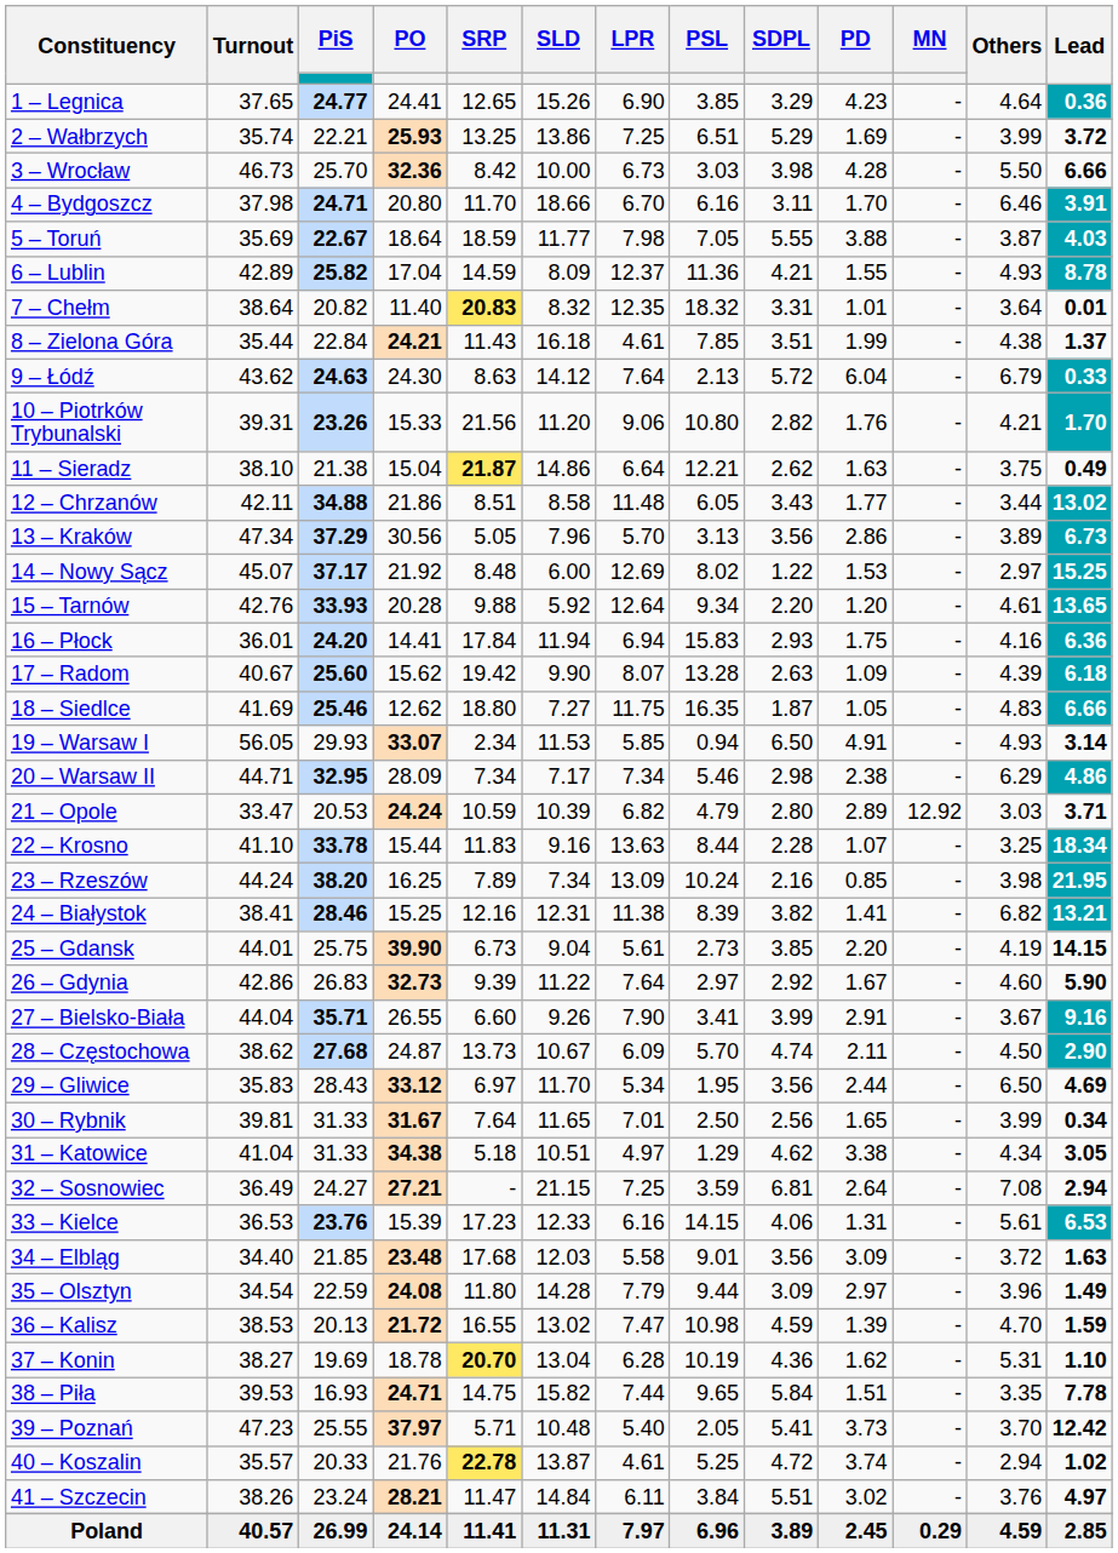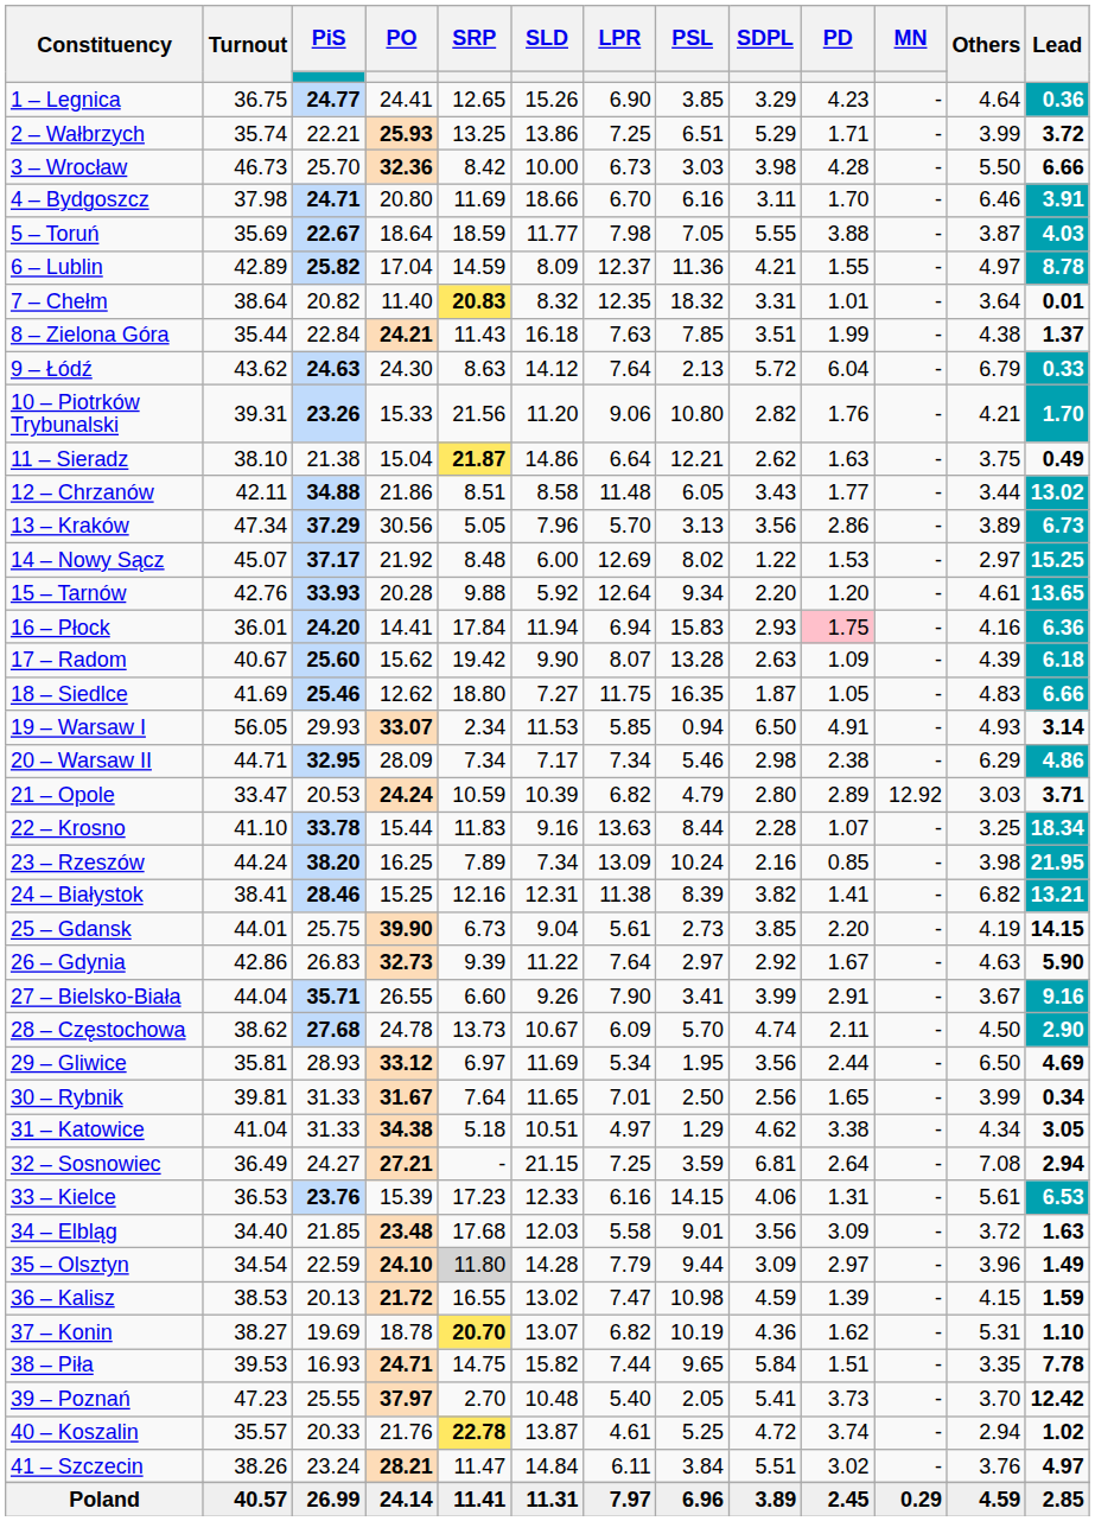 <table class="wikitable sortable collapsible" style="font-size:85%; text-align:right">
 <tr style="height:42px; text-align:center; background-color:#E9E9E9;">
 <th rowspan="2" style="width:120px;">Constituency</th>
 <th rowspan="2" data-sort-type="number" style="width:30px;">Turnout</th>
 <th style="width:40px;" class="unsortable"><a href='#'><span>PiS</span></a></th>
 <th style="width:40px;" class="unsortable"><a href='#'><span>PO</span></a></th>
 <th style="width:40px;" class="unsortable"><a href='#'><span>SRP</span></a></th>
 <th style="width:40px;" class="unsortable"><a href='#'><span>SLD</span></a></th>
 <th style="width:40px;" class="unsortable"><a href='#'><span>LPR</span></a></th>
 <th style="width:40px;" class="unsortable"><a href='#'><span>PSL</span></a></th>
 <th style="width:40px;" class="unsortable"><a href='#'><span>SDPL</span></a></th>
 <th style="width:40px;" class="unsortable"><a href='#'><span>PD</span></a></th>
 <th style="width:40px;" class="unsortable"><a href='#'><span>MN</span></a></th>
 <th rowspan="2" data-sort-type="number" style="width:40px;">Others</th>
 <th rowspan="2" data-sort-type="number" style="width:30px;">Lead</th>
 </tr>
 <tr>
 <th data-sort-type="number" style="height:1px; background:#00a1b0;"></th>
 <th data-sort-type="number" style="height:1px; background:"></th>
 <th data-sort-type="number" style="height:1px; background:"></th>
 <th data-sort-type="number" style="height:1px; background:"></th>
 <th data-sort-type="number" style="height:1px; background:"></th>
 <th data-sort-type="number" style="height:1px; background:"></th>
 <th data-sort-type="number" style="height:1px; background:"></th>
 <th data-sort-type="number" style="height:1px; background:"></th>
 <th data-sort-type="number" style="height:1px; background:"></th>
 </tr>
 <tr>
 <td align=left><a href='#'>1 – Legnica</a></td>
-<td>37.65</td>
+<td>36.75</td>
 <td style="font-weight:bold; background:#C0DBFC">24.77</td>
 <td>24.41</td>
 <td>12.65</td>
 <td>15.26</td>
 <td>6.90</td>
 <td>3.85</td>
 <td>3.29</td>
 <td>4.23</td>
 <td>-</td>
 <td>4.64</td>
 <td style="background:#00a1b0; color:white;"><strong>0.36</strong></td>
 </tr>
 <tr>
 <td align=left><a href='#'>2 – Wałbrzych</a></td>
 <td>35.74</td>
 <td>22.21</td>
 <td style="font-weight:bold; background:#FDDCB8">25.93</td>
 <td>13.25</td>
 <td>13.86</td>
 <td>7.25</td>
 <td>6.51</td>
 <td>5.29</td>
-<td>1.69</td>
+<td>1.71</td>
 <td>-</td>
 <td>3.99</td>
 <td style="background:"><strong>3.72</strong></td>
 </tr>
 <tr>
 <td align=left><a href='#'>3 – Wrocław</a></td>
 <td>46.73</td>
 <td>25.70</td>
 <td style="font-weight:bold; background:#FDDCB8">32.36</td>
 <td>8.42</td>
 <td>10.00</td>
 <td>6.73</td>
 <td>3.03</td>
 <td>3.98</td>
 <td>4.28</td>
 <td>-</td>
 <td>5.50</td>
 <td style="background:"><strong>6.66</strong></td>
 </tr>
 <tr>
 <td align=left><a href='#'>4 – Bydgoszcz</a></td>
 <td>37.98</td>
 <td style="font-weight:bold; background:#C0DBFC">24.71</td>
 <td>20.80</td>
-<td>11.70</td>
+<td>11.69</td>
 <td>18.66</td>
 <td>6.70</td>
 <td>6.16</td>
 <td>3.11</td>
 <td>1.70</td>
 <td>-</td>
 <td>6.46</td>
 <td style="background:#00a1b0; color:white;"><strong>3.91</strong></td>
 </tr>
 <tr>
 <td align=left><a href='#'>5 – Toruń</a></td>
 <td>35.69</td>
 <td style="font-weight:bold; background:#C0DBFC">22.67</td>
 <td>18.64</td>
 <td>18.59</td>
 <td>11.77</td>
 <td>7.98</td>
 <td>7.05</td>
 <td>5.55</td>
 <td>3.88</td>
 <td>-</td>
 <td>3.87</td>
 <td style="background:#00a1b0; color:white;"><strong>4.03</strong></td>
 </tr>
 <tr>
 <td align=left><a href='#'>6 – Lublin</a></td>
 <td>42.89</td>
 <td style="font-weight:bold; background:#C0DBFC">25.82</td>
 <td>17.04</td>
 <td>14.59</td>
 <td>8.09</td>
 <td>12.37</td>
 <td>11.36</td>
 <td>4.21</td>
 <td>1.55</td>
 <td>-</td>
-<td>4.93</td>
+<td>4.97</td>
 <td style="background:#00a1b0; color:white;"><strong>8.78</strong></td>
 </tr>
 <tr>
 <td align=left><a href='#'>7 – Chełm</a></td>
 <td>38.64</td>
 <td>20.82</td>
 <td>11.40</td>
 <td style="font-weight:bold; background:#FFE862">20.83</td>
 <td>8.32</td>
 <td>12.35</td>
 <td>18.32</td>
 <td>3.31</td>
 <td>1.01</td>
 <td>-</td>
 <td>3.64</td>
 <td style="background:"><strong>0.01</strong></td>
 </tr>
 <tr>
 <td align=left><a href='#'>8 – Zielona Góra</a></td>
 <td>35.44</td>
 <td>22.84</td>
 <td style="font-weight:bold; background:#FDDCB8">24.21</td>
 <td>11.43</td>
 <td>16.18</td>
-<td>4.61</td>
+<td>7.63</td>
 <td>7.85</td>
 <td>3.51</td>
 <td>1.99</td>
 <td>-</td>
 <td>4.38</td>
 <td style="background:"><strong>1.37</strong></td>
 </tr>
 <tr>
 <td align=left><a href='#'>9 – Łódź</a></td>
 <td>43.62</td>
 <td style="font-weight:bold; background:#C0DBFC">24.63</td>
 <td>24.30</td>
 <td>8.63</td>
 <td>14.12</td>
 <td>7.64</td>
 <td>2.13</td>
 <td>5.72</td>
 <td>6.04</td>
 <td>-</td>
 <td>6.79</td>
 <td style="background:#00a1b0; color:white;"><strong>0.33</strong></td>
 </tr>
 <tr>
 <td align=left><a href='#'>10 – Piotrków Trybunalski</a></td>
 <td>39.31</td>
 <td style="font-weight:bold; background:#C0DBFC">23.26</td>
 <td>15.33</td>
 <td>21.56</td>
 <td>11.20</td>
 <td>9.06</td>
 <td>10.80</td>
 <td>2.82</td>
 <td>1.76</td>
 <td>-</td>
 <td>4.21</td>
 <td style="background:#00a1b0; color:white;"><strong>1.70</strong></td>
 </tr>
 <tr>
 <td align=left><a href='#'>11 – Sieradz</a></td>
 <td>38.10</td>
 <td>21.38</td>
 <td>15.04</td>
 <td style="background: #FFE862"><strong>21.87</strong></td>
 <td>14.86</td>
 <td>6.64</td>
 <td>12.21</td>
 <td>2.62</td>
 <td>1.63</td>
 <td>-</td>
 <td>3.75</td>
 <td style="background:"><strong>0.49</strong></td>
 </tr>
 <tr>
 <td align=left><a href='#'>12 – Chrzanów</a></td>
 <td>42.11</td>
 <td style="background: #C0DBFC"><strong>34.88</strong></td>
 <td>21.86</td>
 <td>8.51</td>
 <td>8.58</td>
 <td>11.48</td>
 <td>6.05</td>
 <td>3.43</td>
 <td>1.77</td>
 <td>-</td>
 <td>3.44</td>
 <td style="background:#00a1b0; color:white;"><strong>13.02</strong></td>
 </tr>
 <tr>
 <td align=left><a href='#'>13 – Kraków</a></td>
 <td>47.34</td>
 <td style="background: #C0DBFC"><strong>37.29</strong></td>
 <td>30.56</td>
 <td>5.05</td>
 <td>7.96</td>
 <td>5.70</td>
 <td>3.13</td>
 <td>3.56</td>
 <td>2.86</td>
 <td>-</td>
 <td>3.89</td>
 <td style="background:#00a1b0; color:white;"><strong>6.73</strong></td>
 </tr>
 <tr>
 <td align=left><a href='#'>14 – Nowy Sącz</a></td>
 <td>45.07</td>
 <td style="background: #C0DBFC"><strong>37.17</strong></td>
 <td>21.92</td>
 <td>8.48</td>
 <td>6.00</td>
 <td>12.69</td>
 <td>8.02</td>
 <td>1.22</td>
 <td>1.53</td>
 <td>-</td>
 <td>2.97</td>
 <td style="background:#00a1b0; color:white;"><strong>15.25</strong></td>
 </tr>
 <tr>
 <td align=left><a href='#'>15 – Tarnów</a></td>
 <td>42.76</td>
 <td style="background: #C0DBFC"><strong>33.93</strong></td>
 <td>20.28</td>
 <td>9.88</td>
 <td>5.92</td>
 <td>12.64</td>
 <td>9.34</td>
 <td>2.20</td>
 <td>1.20</td>
 <td>-</td>
 <td>4.61</td>
 <td style="background:#00a1b0; color:white;"><strong>13.65</strong></td>
 </tr>
 <tr>
 <td align=left><a href='#'>16 – Płock</a></td>
 <td>36.01</td>
 <td style="background: #C0DBFC"><strong>24.20</strong></td>
 <td>14.41</td>
 <td>17.84</td>
 <td>11.94</td>
 <td>6.94</td>
 <td>15.83</td>
 <td>2.93</td>
-<td>1.75</td>
+<td style="background: pink;">1.75</td>
 <td>-</td>
 <td>4.16</td>
 <td style="background:#00a1b0; color:white;"><strong>6.36</strong></td>
 </tr>
 <tr>
 <td align=left><a href='#'>17 – Radom</a></td>
 <td>40.67</td>
 <td style="background: #C0DBFC"><strong>25.60</strong></td>
 <td>15.62</td>
 <td>19.42</td>
 <td>9.90</td>
 <td>8.07</td>
 <td>13.28</td>
 <td>2.63</td>
 <td>1.09</td>
 <td>-</td>
 <td>4.39</td>
 <td style="background:#00a1b0; color:white;"><strong>6.18</strong></td>
 </tr>
 <tr>
 <td align=left><a href='#'>18 – Siedlce</a></td>
 <td>41.69</td>
 <td style="background: #C0DBFC"><strong>25.46</strong></td>
 <td>12.62</td>
 <td>18.80</td>
 <td>7.27</td>
 <td>11.75</td>
 <td>16.35</td>
 <td>1.87</td>
 <td>1.05</td>
 <td>-</td>
 <td>4.83</td>
 <td style="background:#00a1b0; color:white;"><strong>6.66</strong></td>
 </tr>
 <tr>
 <td align=left><a href='#'>19 – Warsaw I</a></td>
 <td>56.05</td>
 <td>29.93</td>
 <td style="background: #FDDCB8"><strong>33.07</strong></td>
 <td>2.34</td>
 <td>11.53</td>
 <td>5.85</td>
 <td>0.94</td>
 <td>6.50</td>
 <td>4.91</td>
 <td>-</td>
 <td>4.93</td>
 <td style="background:"><strong>3.14</strong></td>
 </tr>
 <tr>
 <td align=left><a href='#'>20 – Warsaw II</a></td>
 <td>44.71</td>
 <td style="background: #C0DBFC"><strong>32.95</strong></td>
 <td>28.09</td>
 <td>7.34</td>
 <td>7.17</td>
 <td>7.34</td>
 <td>5.46</td>
 <td>2.98</td>
 <td>2.38</td>
 <td>-</td>
 <td>6.29</td>
 <td style="background:#00a1b0; color:white;"><strong>4.86</strong></td>
 </tr>
 <tr>
 <td align=left><a href='#'>21 – Opole</a></td>
 <td>33.47</td>
 <td>20.53</td>
 <td style="font-weight:bold; background:#FDDCB8">24.24</td>
 <td>10.59</td>
 <td>10.39</td>
 <td>6.82</td>
 <td>4.79</td>
 <td>2.80</td>
 <td>2.89</td>
 <td>12.92</td>
 <td>3.03</td>
 <td style="background:"><strong>3.71</strong></td>
 </tr>
 <tr>
 <td align=left><a href='#'>22 – Krosno</a></td>
 <td>41.10</td>
 <td style="font-weight:bold; background:#C0DBFC">33.78</td>
 <td>15.44</td>
 <td>11.83</td>
 <td>9.16</td>
 <td>13.63</td>
 <td>8.44</td>
 <td>2.28</td>
 <td>1.07</td>
 <td>-</td>
 <td>3.25</td>
 <td style="background:#00a1b0; color:white;"><strong>18.34</strong></td>
 </tr>
 <tr>
 <td align=left><a href='#'>23 – Rzeszów</a></td>
 <td>44.24</td>
 <td style="font-weight:bold; background:#C0DBFC">38.20</td>
 <td>16.25</td>
 <td>7.89</td>
 <td>7.34</td>
 <td>13.09</td>
 <td>10.24</td>
 <td>2.16</td>
 <td>0.85</td>
 <td>-</td>
 <td>3.98</td>
 <td style="background:#00a1b0; color:white;"><strong>21.95</strong></td>
 </tr>
 <tr>
 <td align=left><a href='#'>24 – Białystok</a></td>
 <td>38.41</td>
 <td style="font-weight:bold; background:#C0DBFC">28.46</td>
 <td>15.25</td>
 <td>12.16</td>
 <td>12.31</td>
 <td>11.38</td>
 <td>8.39</td>
 <td>3.82</td>
 <td>1.41</td>
 <td>-</td>
 <td>6.82</td>
 <td style="background:#00a1b0; color:white;"><strong>13.21</strong></td>
 </tr>
 <tr>
 <td align=left><a href='#'>25 – Gdansk</a></td>
 <td>44.01</td>
 <td>25.75</td>
 <td style="font-weight:bold; background:#FDDCB8">39.90</td>
 <td>6.73</td>
 <td>9.04</td>
 <td>5.61</td>
 <td>2.73</td>
 <td>3.85</td>
 <td>2.20</td>
 <td>-</td>
 <td>4.19</td>
 <td style="background:"><strong>14.15</strong></td>
 </tr>
 <tr>
 <td align=left><a href='#'>26 – Gdynia</a></td>
 <td>42.86</td>
 <td>26.83</td>
 <td style="font-weight:bold; background:#FDDCB8">32.73</td>
 <td>9.39</td>
 <td>11.22</td>
 <td>7.64</td>
 <td>2.97</td>
 <td>2.92</td>
 <td>1.67</td>
 <td>-</td>
-<td>4.60</td>
+<td>4.63</td>
 <td style="background:"><strong>5.90</strong></td>
 </tr>
 <tr>
 <td align=left><a href='#'>27 – Bielsko-Biała</a></td>
 <td>44.04</td>
 <td style="font-weight:bold; background:#C0DBFC">35.71</td>
 <td>26.55</td>
 <td>6.60</td>
 <td>9.26</td>
 <td>7.90</td>
 <td>3.41</td>
 <td>3.99</td>
 <td>2.91</td>
 <td>-</td>
 <td>3.67</td>
 <td style="background:#00a1b0; color:white;"><strong>9.16</strong></td>
 </tr>
 <tr>
 <td align=left><a href='#'>28 – Częstochowa</a></td>
 <td>38.62</td>
 <td style="font-weight:bold; background:#C0DBFC">27.68</td>
-<td>24.87</td>
+<td>24.78</td>
 <td>13.73</td>
 <td>10.67</td>
 <td>6.09</td>
 <td>5.70</td>
 <td>4.74</td>
 <td>2.11</td>
 <td>-</td>
 <td>4.50</td>
 <td style="background:#00a1b0; color:white;"><strong>2.90</strong></td>
 </tr>
 <tr>
 <td align=left><a href='#'>29 – Gliwice</a></td>
-<td>35.83</td>
-<td>28.43</td>
+<td>35.81</td>
+<td>28.93</td>
 <td style="font-weight:bold; background:#FDDCB8">33.12</td>
 <td>6.97</td>
-<td>11.70</td>
+<td>11.69</td>
 <td>5.34</td>
 <td>1.95</td>
 <td>3.56</td>
 <td>2.44</td>
 <td>-</td>
 <td>6.50</td>
 <td style="background:"><strong>4.69</strong></td>
 </tr>
 <tr>
 <td align=left><a href='#'>30 – Rybnik</a></td>
 <td>39.81</td>
 <td>31.33</td>
 <td style="font-weight:bold; background:#FDDCB8">31.67</td>
 <td>7.64</td>
 <td>11.65</td>
 <td>7.01</td>
 <td>2.50</td>
 <td>2.56</td>
 <td>1.65</td>
 <td>-</td>
 <td>3.99</td>
 <td style="background:"><strong>0.34</strong></td>
 </tr>
 <tr>
 <td align=left><a href='#'>31 – Katowice</a></td>
 <td>41.04</td>
 <td>31.33</td>
 <td style="font-weight:bold; background:#FDDCB8">34.38</td>
 <td>5.18</td>
 <td>10.51</td>
 <td>4.97</td>
 <td>1.29</td>
 <td>4.62</td>
 <td>3.38</td>
 <td>-</td>
 <td>4.34</td>
 <td style="background:"><strong>3.05</strong></td>
 </tr>
 <tr>
 <td align=left><a href='#'>32 – Sosnowiec</a></td>
 <td>36.49</td>
 <td>24.27</td>
 <td style="font-weight:bold; background:#FDDCB8">27.21</td>
 <td>-</td>
 <td>21.15</td>
 <td>7.25</td>
 <td>3.59</td>
 <td>6.81</td>
 <td>2.64</td>
 <td>-</td>
 <td>7.08</td>
 <td style="background:"><strong>2.94</strong></td>
 </tr>
 <tr>
 <td align=left><a href='#'>33 – Kielce</a></td>
 <td>36.53</td>
 <td style="font-weight:bold; background:#C0DBFC">23.76</td>
 <td>15.39</td>
 <td>17.23</td>
 <td>12.33</td>
 <td>6.16</td>
 <td>14.15</td>
 <td>4.06</td>
 <td>1.31</td>
 <td>-</td>
 <td>5.61</td>
 <td style="background:#00a1b0; color:white;"><strong>6.53</strong></td>
 </tr>
 <tr>
 <td align=left><a href='#'>34 – Elbląg</a></td>
 <td>34.40</td>
 <td>21.85</td>
 <td style="font-weight:bold; background:#FDDCB8">23.48</td>
 <td>17.68</td>
 <td>12.03</td>
 <td>5.58</td>
 <td>9.01</td>
 <td>3.56</td>
 <td>3.09</td>
 <td>-</td>
 <td>3.72</td>
 <td style="background:"><strong>1.63</strong></td>
 </tr>
 <tr>
 <td align=left><a href='#'>35 – Olsztyn</a></td>
 <td>34.54</td>
 <td>22.59</td>
-<td style="font-weight:bold; background:#FDDCB8">24.08</td>
-<td>11.80</td>
+<td style="font-weight:bold; background:#FDDCB8">24.10</td>
+<td style="background: lightgrey;">11.80</td>
 <td>14.28</td>
 <td>7.79</td>
 <td>9.44</td>
 <td>3.09</td>
 <td>2.97</td>
 <td>-</td>
 <td>3.96</td>
 <td style="background:"><strong>1.49</strong></td>
 </tr>
 <tr>
 <td align=left><a href='#'>36 – Kalisz</a></td>
 <td>38.53</td>
 <td>20.13</td>
 <td style="font-weight:bold; background:#FDDCB8">21.72</td>
 <td>16.55</td>
 <td>13.02</td>
 <td>7.47</td>
 <td>10.98</td>
 <td>4.59</td>
 <td>1.39</td>
 <td>-</td>
-<td>4.70</td>
+<td>4.15</td>
 <td style="background:"><strong>1.59</strong></td>
 </tr>
 <tr>
 <td align=left><a href='#'>37 – Konin</a></td>
 <td>38.27</td>
 <td>19.69</td>
 <td>18.78</td>
 <td style="font-weight:bold; background:#FFE862">20.70</td>
-<td>13.04</td>
-<td>6.28</td>
+<td>13.07</td>
+<td>6.82</td>
 <td>10.19</td>
 <td>4.36</td>
 <td>1.62</td>
 <td>-</td>
 <td>5.31</td>
 <td style="background:"><strong>1.10</strong></td>
 </tr>
 <tr>
 <td align=left><a href='#'>38 – Piła</a></td>
 <td>39.53</td>
 <td>16.93</td>
 <td style="font-weight:bold; background:#FDDCB8">24.71</td>
 <td>14.75</td>
 <td>15.82</td>
 <td>7.44</td>
 <td>9.65</td>
 <td>5.84</td>
 <td>1.51</td>
 <td>-</td>
 <td>3.35</td>
 <td style="background:"><strong>7.78</strong></td>
 </tr>
 <tr>
 <td align=left><a href='#'>39 – Poznań</a></td>
 <td>47.23</td>
 <td>25.55</td>
 <td style="font-weight:bold; background:#FDDCB8">37.97</td>
-<td>5.71</td>
+<td>2.70</td>
 <td>10.48</td>
 <td>5.40</td>
 <td>2.05</td>
 <td>5.41</td>
 <td>3.73</td>
 <td>-</td>
 <td>3.70</td>
 <td style="background:"><strong>12.42</strong></td>
 </tr>
 <tr>
 <td align=left><a href='#'>40 – Koszalin</a></td>
 <td>35.57</td>
 <td>20.33</td>
 <td>21.76</td>
 <td style="font-weight:bold; background:#FFE862">22.78</td>
 <td>13.87</td>
 <td>4.61</td>
 <td>5.25</td>
 <td>4.72</td>
 <td>3.74</td>
 <td>-</td>
 <td>2.94</td>
 <td style="background:"><strong>1.02</strong></td>
 </tr>
 <tr>
 <td align=left><a href='#'>41 – Szczecin</a></td>
 <td>38.26</td>
 <td>23.24</td>
 <td style="font-weight:bold; background:#FDDCB8">28.21</td>
 <td>11.47</td>
 <td>14.84</td>
 <td>6.11</td>
 <td>3.84</td>
 <td>5.51</td>
 <td>3.02</td>
 <td>-</td>
 <td>3.76</td>
 <td style="background:"><strong>4.97</strong></td>
 </tr>
 <tr>
 </tr>
 <tr style="background:#EFEFEF; font-weight:bold;">
 <th>Poland</th>
 <td>40.57</td>
 <td>26.99</td>
 <td>24.14</td>
 <td>11.41</td>
 <td>11.31</td>
 <td>7.97</td>
 <td>6.96</td>
 <td>3.89</td>
 <td>2.45</td>
 <td>0.29</td>
 <td>4.59</td>
 <td>2.85</td>
 </tr>
 <tr>
 </tr>
 </table>
